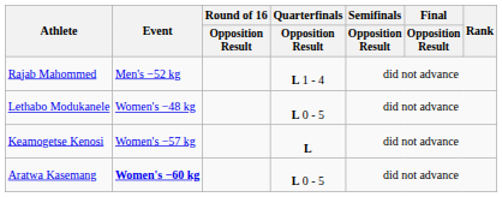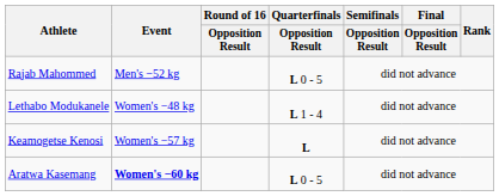 <table class="wikitable" style="font-size:90%;">
 <tr>
 <th rowspan=2>Athlete</th>
 <th rowspan=2>Event</th>
 <th>Round of 16</th>
 <th>Quarterfinals</th>
 <th>Semifinals</th>
 <th>Final</th>
 <th rowspan=2>Rank</th>
 </tr>
 <tr style="font-size:95%">
 <th>Opposition<br>Result</th>
 <th>Opposition<br>Result</th>
 <th>Opposition<br>Result</th>
 <th>Opposition<br>Result</th>
 </tr>
 <tr align=center>
 <td align=left><a href='#'>Rajab Mahommed</a></td>
 <td align=left><a href='#'>Men's −52 kg</a></td>
 <td></td>
-<td><br><strong>L</strong> 1 - 4</td>
+<td><br><strong>L</strong> 0 - 5</td>
 <td colspan=3>did not advance</td>
 </tr>
 <tr align=center>
 <td align=left><a href='#'>Lethabo Modukanele</a></td>
 <td align=left><a href='#'>Women's −48 kg</a></td>
 <td></td>
-<td><br><strong>L</strong> 0 - 5</td>
+<td><br><strong>L</strong> 1 - 4</td>
 <td colspan=3>did not advance</td>
 </tr>
 <tr align=center>
 <td align=left><a href='#'>Keamogetse Kenosi</a></td>
 <td align=left><a href='#'>Women's −57 kg</a></td>
 <td></td>
 <td><br><strong>L</strong> </td>
 <td colspan=3>did not advance</td>
 </tr>
 <tr align=center>
 <td align=left><a href='#'>Aratwa Kasemang</a></td>
 <td align=left><strong><a href='#'>Women's −60 kg</a></strong></td>
 <td></td>
 <td><br><strong>L</strong> 0 - 5</td>
 <td colspan=3>did not advance</td>
 </tr>
 </table>
